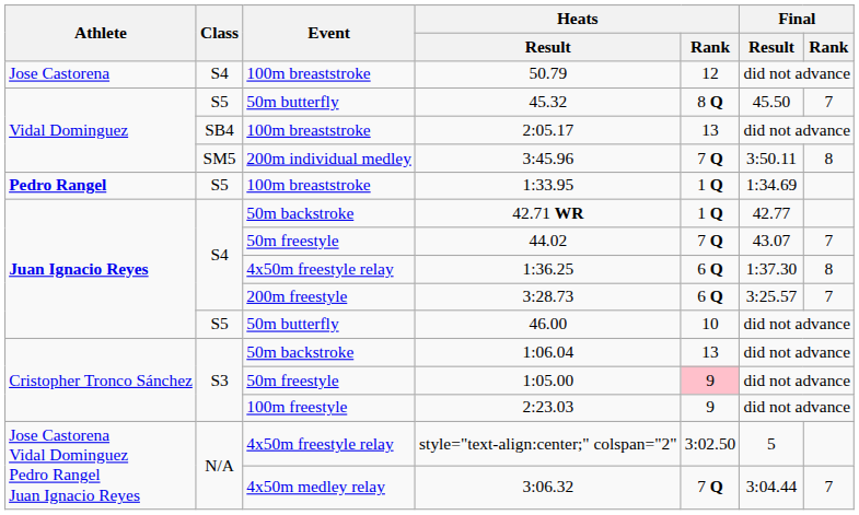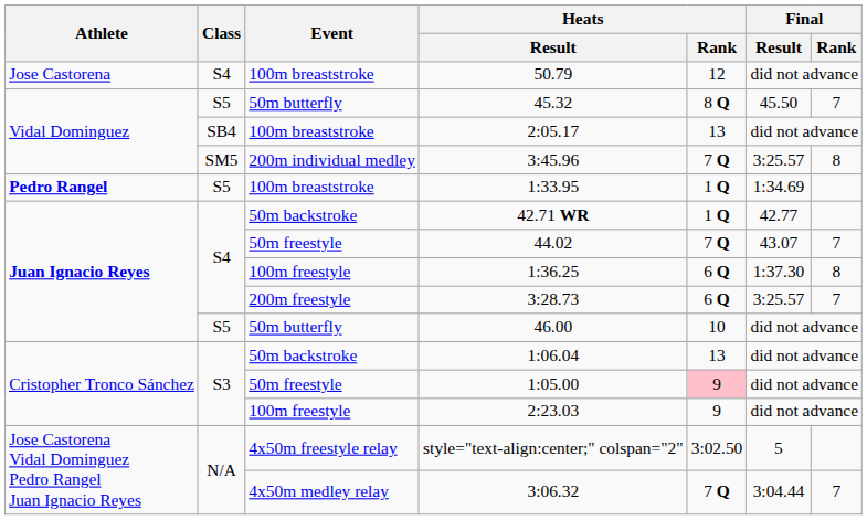 <table class=wikitable style="font-size:90%">
 <tr>
 <th rowspan="2">Athlete</th>
 <th rowspan="2">Class</th>
 <th rowspan="2">Event</th>
 <th colspan="2">Heats</th>
 <th colspan="2">Final</th>
 </tr>
 <tr>
 <th>Result</th>
 <th>Rank</th>
 <th>Result</th>
 <th>Rank</th>
 </tr>
 <tr>
 <td><a href='#'>Jose Castorena</a></td>
 <td style="text-align:center;">S4</td>
 <td><a href='#'>100m breaststroke</a></td>
 <td style="text-align:center;">50.79</td>
 <td style="text-align:center;">12</td>
 <td style="text-align:center;" colspan="2">did not advance</td>
 </tr>
 <tr>
 <td rowspan="3"><a href='#'>Vidal Dominguez</a></td>
 <td style="text-align:center;">S5</td>
 <td><a href='#'>50m butterfly</a></td>
 <td style="text-align:center;">45.32</td>
 <td style="text-align:center;">8 <strong>Q</strong></td>
 <td style="text-align:center;">45.50</td>
 <td style="text-align:center;">7</td>
 </tr>
 <tr>
 <td style="text-align:center;">SB4</td>
 <td><a href='#'>100m breaststroke</a></td>
 <td style="text-align:center;">2:05.17</td>
 <td style="text-align:center;">13</td>
 <td style="text-align:center;" colspan="2">did not advance</td>
 </tr>
 <tr>
 <td style="text-align:center;">SM5</td>
 <td><a href='#'>200m individual medley</a></td>
 <td style="text-align:center;">3:45.96</td>
 <td style="text-align:center;">7 <strong>Q</strong></td>
-<td style="text-align:center;">3:50.11</td>
+<td style="text-align:center;">3:25.57</td>
 <td style="text-align:center;">8</td>
 </tr>
 <tr>
 <td><strong><a href='#'>Pedro Rangel</a></strong></td>
 <td style="text-align:center;">S5</td>
 <td><a href='#'>100m breaststroke</a></td>
 <td style="text-align:center;">1:33.95</td>
 <td style="text-align:center;">1 <strong>Q</strong></td>
 <td style="text-align:center;">1:34.69</td>
 <td style="text-align:center;"></td>
 </tr>
 <tr>
 <td rowspan="5"><strong><a href='#'>Juan Ignacio Reyes</a></strong></td>
 <td rowspan="4" style="text-align:center;">S4</td>
 <td><a href='#'>50m backstroke</a></td>
 <td style="text-align:center;">42.71 <strong>WR</strong></td>
 <td style="text-align:center;">1 <strong>Q</strong></td>
 <td style="text-align:center;">42.77</td>
 <td style="text-align:center;"></td>
 </tr>
 <tr>
 <td><a href='#'>50m freestyle</a></td>
 <td style="text-align:center;">44.02</td>
 <td style="text-align:center;">7 <strong>Q</strong></td>
 <td style="text-align:center;">43.07</td>
 <td style="text-align:center;">7</td>
 </tr>
 <tr>
-<td><a href='#'>4x50m freestyle relay</a></td>
+<td><a href='#'>100m freestyle</a></td>
 <td style="text-align:center;">1:36.25</td>
 <td style="text-align:center;">6 <strong>Q</strong></td>
 <td style="text-align:center;">1:37.30</td>
 <td style="text-align:center;">8</td>
 </tr>
 <tr>
 <td><a href='#'>200m freestyle</a></td>
 <td style="text-align:center;">3:28.73</td>
 <td style="text-align:center;">6 <strong>Q</strong></td>
 <td style="text-align:center;">3:25.57</td>
 <td style="text-align:center;">7</td>
 </tr>
 <tr>
 <td style="text-align:center;">S5</td>
 <td><a href='#'>50m butterfly</a></td>
 <td style="text-align:center;">46.00</td>
 <td style="text-align:center;">10</td>
 <td style="text-align:center;" colspan="2">did not advance</td>
 </tr>
 <tr>
 <td rowspan="3"><a href='#'>Cristopher Tronco Sánchez</a></td>
 <td rowspan="3" style="text-align:center;">S3</td>
 <td><a href='#'>50m backstroke</a></td>
 <td style="text-align:center;">1:06.04</td>
 <td style="text-align:center;">13</td>
 <td style="text-align:center;" colspan="2">did not advance</td>
 </tr>
 <tr>
 <td><a href='#'>50m freestyle</a></td>
 <td style="text-align:center;">1:05.00</td>
 <td style="background: pink; text-align:center;">9</td>
 <td style="text-align:center;" colspan="2">did not advance</td>
 </tr>
 <tr>
 <td><a href='#'>100m freestyle</a></td>
 <td style="text-align:center;">2:23.03</td>
 <td style="text-align:center;">9</td>
 <td style="text-align:center;" colspan="2">did not advance</td>
 </tr>
 <tr>
 <td rowspan="2"><a href='#'>Jose Castorena</a><br> <a href='#'>Vidal Dominguez</a><br> <a href='#'>Pedro Rangel</a><br> <a href='#'>Juan Ignacio Reyes</a></td>
 <td rowspan="2" style="text-align:center;">N/A</td>
 <td><a href='#'>4x50m freestyle relay</a></td>
 <td>style="text-align:center;" colspan="2" </td>
 <td style="text-align:center;">3:02.50</td>
 <td style="text-align:center;">5</td>
 </tr>
 <tr>
 <td><a href='#'>4x50m medley relay</a></td>
 <td style="text-align:center;">3:06.32</td>
 <td style="text-align:center;">7 <strong>Q</strong></td>
 <td style="text-align:center;">3:04.44</td>
 <td style="text-align:center;">7</td>
 </tr>
 </table>
